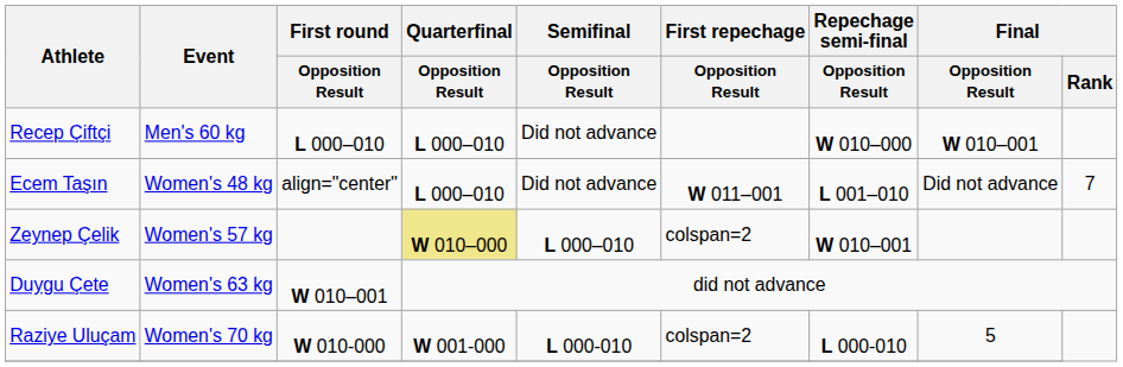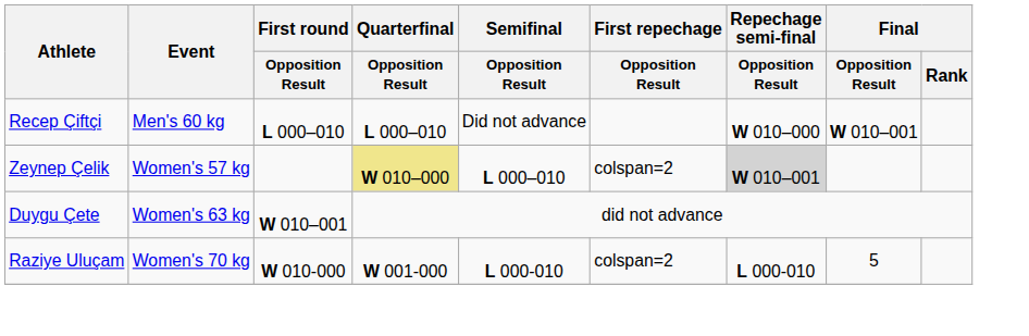 <table class=wikitable style="font-size:95%">
 <tr>
 <th rowspan="2">Athlete</th>
 <th rowspan="2">Event</th>
 <th>First round</th>
 <th>Quarterfinal</th>
 <th>Semifinal</th>
 <th>First repechage</th>
 <th>Repechage <br>semi-final</th>
 <th colspan="2">Final</th>
 </tr>
 <tr>
 <th style="line-height:1em"><small>Opposition<br>Result</small></th>
 <th style="line-height:1em"><small>Opposition<br>Result</small></th>
 <th style="line-height:1em"><small>Opposition<br>Result</small></th>
 <th style="line-height:1em"><small>Opposition<br>Result</small></th>
 <th style="line-height:1em"><small>Opposition<br>Result</small></th>
 <th style="line-height:1em"><small>Opposition<br>Result</small></th>
 <th style="line-height:1em">Rank</th>
 </tr>
 <tr>
 <td><a href='#'>Recep Çiftçi</a></td>
 <td><a href='#'>Men's 60 kg</a></td>
 <td align=center><br><strong>L</strong> 000–010</td>
 <td align=center><br><strong>L</strong> 000–010</td>
 <td align="center">Did not advance</td>
 <td></td>
 <td align=center><br><strong>W</strong> 010–000</td>
 <td align=center><br><strong>W</strong> 010–001</td>
 <td align="center"></td>
 </tr>
 <tr>
-<td><a href='#'>Ecem Taşın</a></td>
-<td><a href='#'>Women's 48 kg</a></td>
-<td>align="center" </td>
-<td align=center><br><strong>L</strong> 000–010</td>
-<td align="center">Did not advance</td>
-<td align=center><br><strong>W</strong> 011–001</td>
-<td align=center><br><strong>L</strong> 001–010</td>
-<td align="center">Did not advance</td>
-<td align="center">7</td>
-</tr>
-<tr>
 <td><a href='#'>Zeynep Çelik</a></td>
 <td><a href='#'>Women's 57 kg</a></td>
 <td></td>
 <td align=center style="background: khaki;"><br><strong>W</strong> 010–000</td>
 <td align=center><br><strong>L</strong> 000–010</td>
 <td>colspan=2 </td>
-<td align=center><br><strong>W</strong> 010–001</td>
+<td align=center style="background: lightgrey;"><br><strong>W</strong> 010–001</td>
 <td align="center"></td>
 </tr>
 <tr>
 <td><a href='#'>Duygu Çete</a></td>
 <td><a href='#'>Women's 63 kg</a></td>
 <td align=center><br><strong>W</strong> 010–001</td>
 <td align=center colspan=6>did not advance</td>
 </tr>
 <tr>
 <td><a href='#'>Raziye Uluçam</a></td>
 <td><a href='#'>Women's 70 kg</a></td>
 <td align=center><br><strong>W</strong> 010-000</td>
 <td align=center><br><strong>W</strong> 001-000</td>
 <td align=center><br><strong>L</strong> 000-010</td>
 <td>colspan=2 </td>
 <td align=center><br><strong>L</strong> 000-010</td>
 <td align="center">5</td>
 </tr>
 <tr>
 </tr>
 </table>
